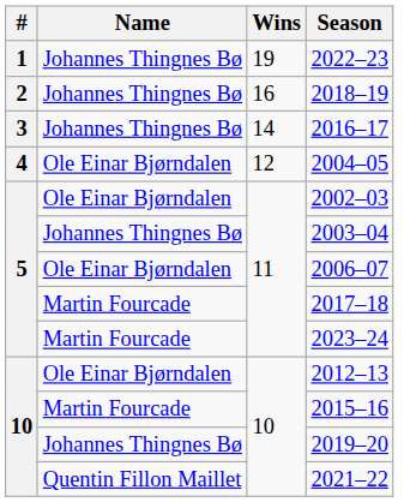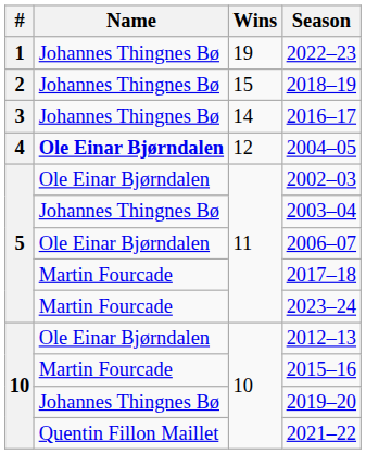 <table class="wikitable plainrowheaders" style="display:inline-table;">
 <tr>
 <th>#</th>
 <th>Name</th>
 <th>Wins</th>
 <th>Season</th>
 </tr>
 <tr>
 <th>1</th>
 <td style="text-align:left"> <a href='#'>Johannes Thingnes Bø</a></td>
 <td>19</td>
 <td><a href='#'>2022–23</a></td>
 </tr>
 <tr>
 <th>2</th>
 <td style="text-align:left"> <a href='#'>Johannes Thingnes Bø</a></td>
-<td>16</td>
+<td>15</td>
 <td><a href='#'>2018–19</a></td>
 </tr>
 <tr>
 <th>3</th>
 <td style="text-align:left"> <a href='#'>Johannes Thingnes Bø</a></td>
 <td>14</td>
 <td><a href='#'>2016–17</a></td>
 </tr>
 <tr>
 <th>4</th>
-<td style="text-align:left"> <a href='#'>Ole Einar Bjørndalen</a></td>
+<td style="text-align:left"><strong> <a href='#'>Ole Einar Bjørndalen</a></strong></td>
 <td>12</td>
 <td><a href='#'>2004–05</a></td>
 </tr>
 <tr>
 <th rowspan=5>5</th>
 <td style="text-align:left"> <a href='#'>Ole Einar Bjørndalen</a></td>
 <td rowspan=5>11</td>
 <td><a href='#'>2002–03</a></td>
 </tr>
 <tr>
 <td style="text-align:left"> <a href='#'>Johannes Thingnes Bø</a></td>
 <td><a href='#'>2003–04</a></td>
 </tr>
 <tr>
 <td style="text-align:left"> <a href='#'>Ole Einar Bjørndalen</a></td>
 <td><a href='#'>2006–07</a></td>
 </tr>
 <tr>
 <td style="text-align:left"> <a href='#'>Martin Fourcade</a></td>
 <td><a href='#'>2017–18</a></td>
 </tr>
 <tr>
 <td style="text-align:left"> <a href='#'>Martin Fourcade</a></td>
 <td><a href='#'>2023–24</a></td>
 </tr>
 <tr>
 <th rowspan=4>10</th>
 <td style="text-align:left"> <a href='#'>Ole Einar Bjørndalen</a></td>
 <td rowspan=4>10</td>
 <td><a href='#'>2012–13</a></td>
 </tr>
 <tr>
 <td style="text-align:left"> <a href='#'>Martin Fourcade</a></td>
 <td><a href='#'>2015–16</a></td>
 </tr>
 <tr>
 <td style="text-align:left"> <a href='#'>Johannes Thingnes Bø</a></td>
 <td><a href='#'>2019–20</a></td>
 </tr>
 <tr>
 <td style="text-align:left"> <a href='#'>Quentin Fillon Maillet</a></td>
 <td><a href='#'>2021–22</a></td>
 </tr>
 </table>
